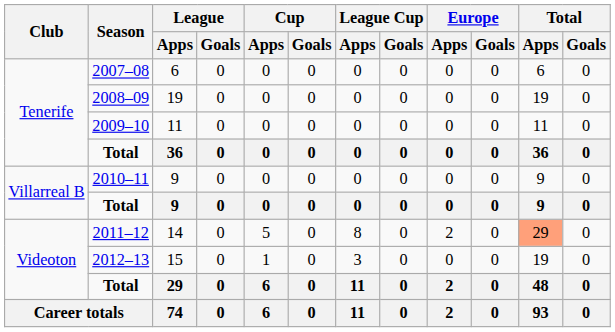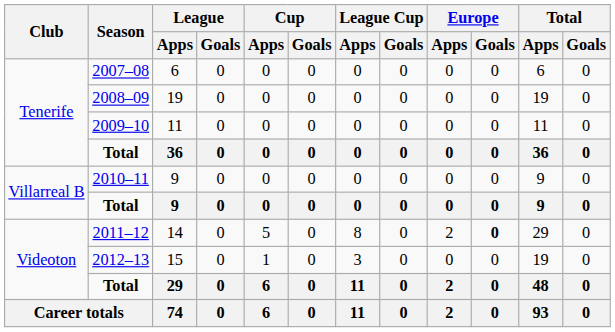 <table class="wikitable" style="font-size:90%; text-align: center;">
 <tr>
 <th rowspan="2">Club</th>
 <th rowspan="2">Season</th>
 <th colspan="2">League</th>
 <th colspan="2">Cup</th>
 <th colspan="2">League Cup</th>
 <th colspan="2"><a href='#'>Europe</a></th>
 <th colspan="2">Total</th>
 </tr>
 <tr>
 <th>Apps</th>
 <th>Goals</th>
 <th>Apps</th>
 <th>Goals</th>
 <th>Apps</th>
 <th>Goals</th>
 <th>Apps</th>
 <th>Goals</th>
 <th>Apps</th>
 <th>Goals</th>
 </tr>
 <tr>
 <td rowspan="4" align=center valign=center><a href='#'>Tenerife</a></td>
 <td !colspan="2"><a href='#'>2007–08</a></td>
 <td>6</td>
 <td>0</td>
 <td>0</td>
 <td>0</td>
 <td>0</td>
 <td>0</td>
 <td>0</td>
 <td>0</td>
 <td>6</td>
 <td>0</td>
 </tr>
 <tr>
 <td !colspan="2"><a href='#'>2008–09</a></td>
 <td>19</td>
 <td>0</td>
 <td>0</td>
 <td>0</td>
 <td>0</td>
 <td>0</td>
 <td>0</td>
 <td>0</td>
 <td>19</td>
 <td>0</td>
 </tr>
 <tr>
 <td !colspan="2"><a href='#'>2009–10</a></td>
 <td>11</td>
 <td>0</td>
 <td>0</td>
 <td>0</td>
 <td>0</td>
 <td>0</td>
 <td>0</td>
 <td>0</td>
 <td>11</td>
 <td>0</td>
 </tr>
 <tr>
 <td !colspan="2"><strong>Total</strong></td>
 <th>36</th>
 <th>0</th>
 <th>0</th>
 <th>0</th>
 <th>0</th>
 <th>0</th>
 <th>0</th>
 <th>0</th>
 <th>36</th>
 <th>0</th>
 </tr>
 <tr>
 <td rowspan="2" align=center valign=center><a href='#'>Villarreal B</a></td>
 <td !colspan="2"><a href='#'>2010–11</a></td>
 <td>9</td>
 <td>0</td>
 <td>0</td>
 <td>0</td>
 <td>0</td>
 <td>0</td>
 <td>0</td>
 <td>0</td>
 <td>9</td>
 <td>0</td>
 </tr>
 <tr>
 <td !colspan="2"><strong>Total</strong></td>
 <th>9</th>
 <th>0</th>
 <th>0</th>
 <th>0</th>
 <th>0</th>
 <th>0</th>
 <th>0</th>
 <th>0</th>
 <th>9</th>
 <th>0</th>
 </tr>
 <tr>
 <td rowspan="3" align=center valign=center><a href='#'>Videoton</a></td>
 <td !colspan="2"><a href='#'>2011–12</a></td>
 <td>14</td>
 <td>0</td>
 <td>5</td>
 <td>0</td>
 <td>8</td>
 <td>0</td>
 <td>2</td>
-<td>0</td>
-<td style="background: lightsalmon;">29</td>
+<td><strong>0</strong></td>
+<td>29</td>
 <td>0</td>
 </tr>
 <tr>
 <td !colspan="2"><a href='#'>2012–13</a></td>
 <td>15</td>
 <td>0</td>
 <td>1</td>
 <td>0</td>
 <td>3</td>
 <td>0</td>
 <td>0</td>
 <td>0</td>
 <td>19</td>
 <td>0</td>
 </tr>
 <tr>
 <td !colspan="2"><strong>Total</strong></td>
 <th>29</th>
 <th>0</th>
 <th>6</th>
 <th>0</th>
 <th>11</th>
 <th>0</th>
 <th>2</th>
 <th>0</th>
 <th>48</th>
 <th>0</th>
 </tr>
 <tr>
 <th colspan="2">Career totals</th>
 <th>74</th>
 <th>0</th>
 <th>6</th>
 <th>0</th>
 <th>11</th>
 <th>0</th>
 <th>2</th>
 <th>0</th>
 <th>93</th>
 <th>0</th>
 </tr>
 </table>
